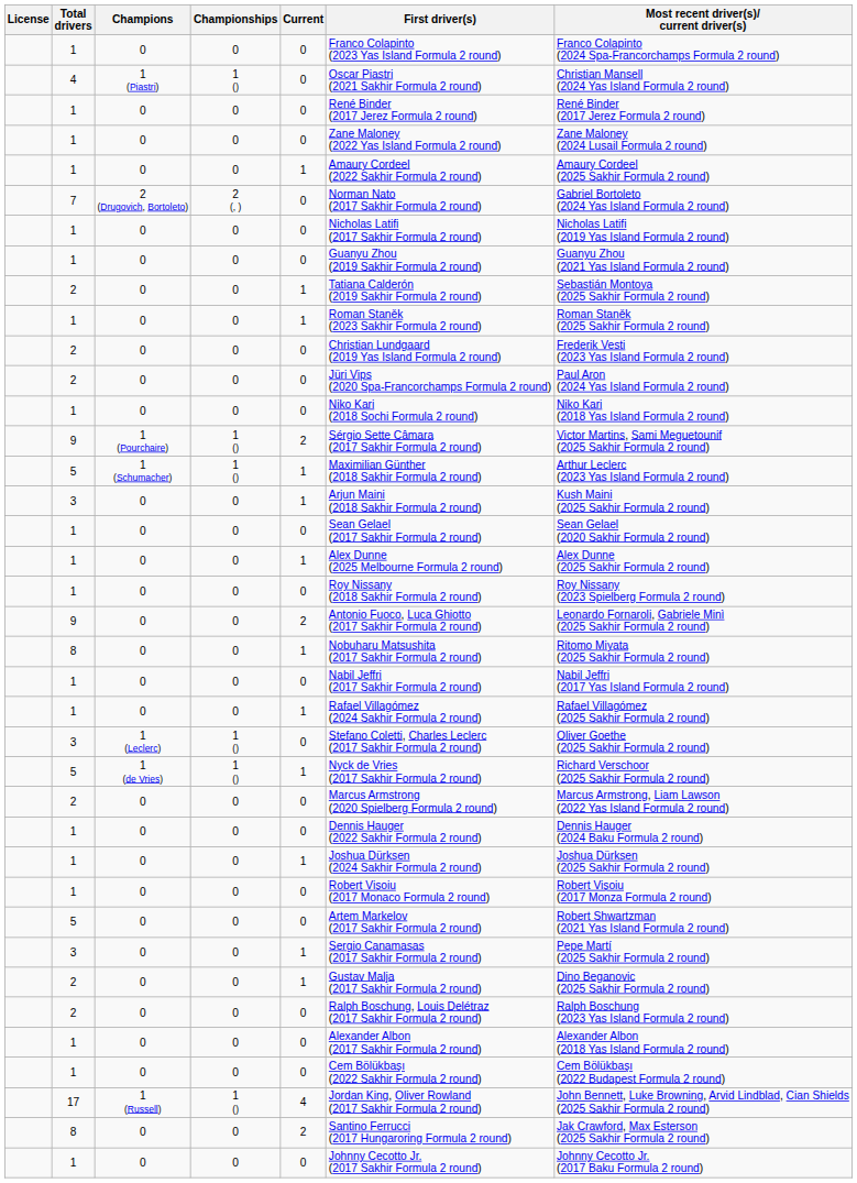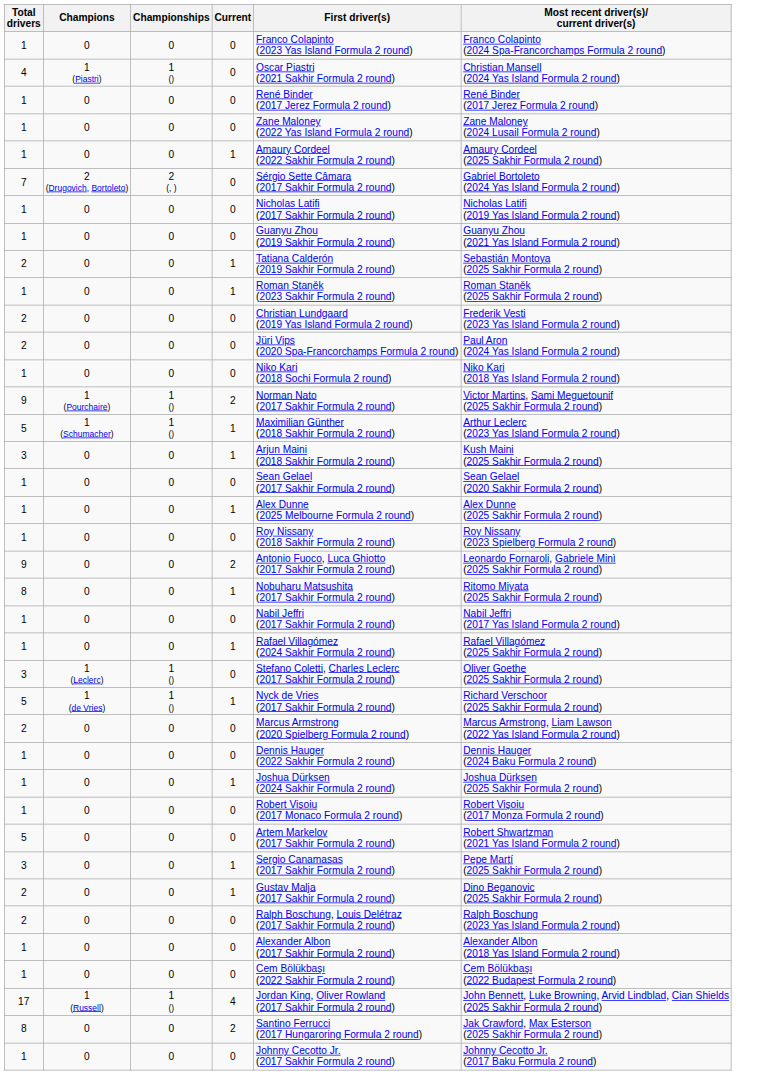 <table class="wikitable sortable" style="font-size: 85%; text-align:center">
 <tr>
-<th>License</th>
 <th>Total<br>drivers</th>
 <th>Champions</th>
 <th>Championships</th>
 <th>Current</th>
 <th>First driver(s)</th>
 <th>Most recent driver(s)/<br>current driver(s)</th>
 </tr>
 <tr>
-<td align="left"></td>
 <td>1</td>
 <td>0</td>
 <td>0</td>
 <td>0</td>
 <td align="left" data-sort-value="2023-2"><a href='#'>Franco Colapinto</a><br>(<a href='#'>2023 Yas Island Formula 2 round</a>)</td>
 <td align="left" data-sort-value="2024-10"><a href='#'>Franco Colapinto</a><br>(<a href='#'>2024 Spa-Francorchamps Formula 2 round</a>)</td>
 </tr>
 <tr>
-<td align="left"></td>
 <td>4</td>
 <td>1<br><small>(<a href='#'>Piastri</a>)</small></td>
 <td>1<br><small>()</small></td>
 <td>0</td>
 <td align="left" data-sort-value="2021-1"><a href='#'>Oscar Piastri</a><br>(<a href='#'>2021 Sakhir Formula 2 round</a>)</td>
 <td align="left" data-sort-value="2024-14"><a href='#'>Christian Mansell</a><br>(<a href='#'>2024 Yas Island Formula 2 round</a>)</td>
 </tr>
 <tr>
-<td align="left"></td>
 <td>1</td>
 <td>0</td>
 <td>0</td>
 <td>0</td>
 <td align="left" data-sort-value="2017-4"><a href='#'>René Binder</a><br>(<a href='#'>2017 Jerez Formula 2 round</a>)</td>
 <td align="left" data-sort-value="2017-3"><a href='#'>René Binder</a><br>(<a href='#'>2017 Jerez Formula 2 round</a>)</td>
 </tr>
 <tr>
-<td align="left"></td>
 <td>1</td>
 <td>0</td>
 <td>0</td>
 <td>0</td>
 <td align="left" data-sort-value="2022-2"><a href='#'>Zane Maloney</a><br>(<a href='#'>2022 Yas Island Formula 2 round</a>)</td>
 <td align="left" data-sort-value="2024-13"><a href='#'>Zane Maloney</a><br>(<a href='#'>2024 Lusail Formula 2 round</a>)</td>
 </tr>
 <tr>
-<td align="left"></td>
 <td>1</td>
 <td>0</td>
 <td>0</td>
 <td>1</td>
 <td align="left" data-sort-value="2022-1"><a href='#'>Amaury Cordeel</a><br>(<a href='#'>2022 Sakhir Formula 2 round</a>)</td>
 <td align="left" data-sort-value="2025-1"><a href='#'>Amaury Cordeel</a><br>(<a href='#'>2025 Sakhir Formula 2 round</a>)</td>
 </tr>
 <tr>
-<td align="left"></td>
 <td>7</td>
 <td>2<br><small>(<a href='#'>Drugovich</a>, <a href='#'>Bortoleto</a>)</small></td>
 <td>2<br><small>(, )</small></td>
 <td>0</td>
-<td align="left" data-sort-value="2017-1"><a href='#'>Norman Nato</a><br>(<a href='#'>2017 Sakhir Formula 2 round</a>)</td>
+<td align="left" data-sort-value="2017-1"><a href='#'>Sérgio Sette Câmara</a><br>(<a href='#'>2017 Sakhir Formula 2 round</a>)</td>
 <td align="left" data-sort-value="2024-14"><a href='#'>Gabriel Bortoleto</a><br>(<a href='#'>2024 Yas Island Formula 2 round</a>)</td>
 </tr>
 <tr>
-<td align="left"></td>
 <td>1</td>
 <td>0</td>
 <td>0</td>
 <td>0</td>
 <td align="left" data-sort-value="2017-1"><a href='#'>Nicholas Latifi</a><br>(<a href='#'>2017 Sakhir Formula 2 round</a>)</td>
 <td align="left" data-sort-value="2019-3"><a href='#'>Nicholas Latifi</a><br>(<a href='#'>2019 Yas Island Formula 2 round</a>)</td>
 </tr>
 <tr>
-<td align="left"></td>
 <td>1</td>
 <td>0</td>
 <td>0</td>
 <td>0</td>
 <td align="left" data-sort-value="2019-1"><a href='#'>Guanyu Zhou</a><br>(<a href='#'>2019 Sakhir Formula 2 round</a>)</td>
 <td align="left" data-sort-value="2021-2"><a href='#'>Guanyu Zhou</a><br>(<a href='#'>2021 Yas Island Formula 2 round</a>)</td>
 </tr>
 <tr>
-<td align="left"></td>
 <td>2</td>
 <td>0</td>
 <td>0</td>
 <td>1</td>
 <td align="left" data-sort-value="2019-1"><a href='#'>Tatiana Calderón</a><br>(<a href='#'>2019 Sakhir Formula 2 round</a>)</td>
 <td align="left" data-sort-value="2025-1"><a href='#'>Sebastián Montoya</a><br>(<a href='#'>2025 Sakhir Formula 2 round</a>)</td>
 </tr>
 <tr>
-<td align="left"></td>
 <td>1</td>
 <td>0</td>
 <td>0</td>
 <td>1</td>
 <td align="left" data-sort-value="2023-1"><a href='#'>Roman Staněk</a><br>(<a href='#'>2023 Sakhir Formula 2 round</a>)</td>
 <td align="left" data-sort-value="2025-1"><a href='#'>Roman Staněk</a><br>(<a href='#'>2025 Sakhir Formula 2 round</a>)</td>
 </tr>
 <tr>
-<td align="left"></td>
 <td>2</td>
 <td>0</td>
 <td>0</td>
 <td>0</td>
 <td align="left" data-sort-value="2019-2"><a href='#'>Christian Lundgaard</a><br>(<a href='#'>2019 Yas Island Formula 2 round</a>)</td>
 <td align="left" data-sort-value="2023-2"><a href='#'>Frederik Vesti</a><br>(<a href='#'>2023 Yas Island Formula 2 round</a>)</td>
 </tr>
 <tr>
-<td align="left"></td>
 <td>2</td>
 <td>0</td>
 <td>0</td>
 <td>0</td>
 <td align="left" data-sort-value="2020-2"><a href='#'>Jüri Vips</a><br>(<a href='#'>2020 Spa-Francorchamps Formula 2 round</a>)</td>
 <td align="left" data-sort-value="2024-14"><a href='#'>Paul Aron</a><br>(<a href='#'>2024 Yas Island Formula 2 round</a>)</td>
 </tr>
 <tr>
-<td align="left"></td>
 <td>1</td>
 <td>0</td>
 <td>0</td>
 <td>0</td>
 <td align="left" data-sort-value="2018-2"><a href='#'>Niko Kari</a><br>(<a href='#'>2018 Sochi Formula 2 round</a>)</td>
 <td align="left" data-sort-value="2018-2"><a href='#'>Niko Kari</a><br>(<a href='#'>2018 Yas Island Formula 2 round</a>)</td>
 </tr>
 <tr>
-<td align="left"></td>
 <td>9</td>
 <td>1<br><small>(<a href='#'>Pourchaire</a>)</small></td>
 <td>1<br><small>()</small></td>
 <td>2</td>
-<td align="left" data-sort-value="2017-1"><a href='#'>Sérgio Sette Câmara</a><br>(<a href='#'>2017 Sakhir Formula 2 round</a>)</td>
+<td align="left" data-sort-value="2017-1"><a href='#'>Norman Nato</a><br>(<a href='#'>2017 Sakhir Formula 2 round</a>)</td>
 <td align="left" data-sort-value="2025-1"><a href='#'>Victor Martins</a>, <a href='#'>Sami Meguetounif</a><br>(<a href='#'>2025 Sakhir Formula 2 round</a>)</td>
 </tr>
 <tr>
-<td align="left"></td>
 <td>5</td>
 <td>1<br><small>(<a href='#'>Schumacher</a>)</small></td>
 <td>1<br><small>()</small></td>
 <td>1</td>
 <td align="left" data-sort-value="2018-1"><a href='#'>Maximilian Günther</a><br>(<a href='#'>2018 Sakhir Formula 2 round</a>)</td>
 <td align="left" data-sort-value="2023-2"><a href='#'>Arthur Leclerc</a><br>(<a href='#'>2023 Yas Island Formula 2 round</a>)</td>
 </tr>
 <tr>
-<td align="left"></td>
 <td>3</td>
 <td>0</td>
 <td>0</td>
 <td>1</td>
 <td align="left" data-sort-value="2018-1"><a href='#'>Arjun Maini</a><br>(<a href='#'>2018 Sakhir Formula 2 round</a>)</td>
 <td align="left" data-sort-value="2025-1"><a href='#'>Kush Maini</a><br>(<a href='#'>2025 Sakhir Formula 2 round</a>)</td>
 </tr>
 <tr>
-<td align="left"></td>
 <td>1</td>
 <td>0</td>
 <td>0</td>
 <td>0</td>
 <td align="left" data-sort-value="2017-1"><a href='#'>Sean Gelael</a><br>(<a href='#'>2017 Sakhir Formula 2 round</a>)</td>
 <td align="left" data-sort-value="2020-1"><a href='#'>Sean Gelael</a><br>(<a href='#'>2020 Sakhir Formula 2 round</a>)</td>
 </tr>
 <tr>
-<td align="left"></td>
 <td>1</td>
 <td>0</td>
 <td>0</td>
 <td>1</td>
 <td align="left" data-sort-value="2025-1"><a href='#'>Alex Dunne</a><br>(<a href='#'>2025 Melbourne Formula 2 round</a>)</td>
 <td align="left" data-sort-value="2025-1"><a href='#'>Alex Dunne</a><br>(<a href='#'>2025 Sakhir Formula 2 round</a>)</td>
 </tr>
 <tr>
-<td align="left"></td>
 <td>1</td>
 <td>0</td>
 <td>0</td>
 <td>0</td>
 <td align="left" data-sort-value="2018-1"><a href='#'>Roy Nissany</a><br>(<a href='#'>2018 Sakhir Formula 2 round</a>)</td>
 <td align="left" data-sort-value="2023-1"><a href='#'>Roy Nissany</a><br>(<a href='#'>2023 Spielberg Formula 2 round</a>)</td>
 </tr>
 <tr>
-<td align="left"></td>
 <td>9</td>
 <td>0</td>
 <td>0</td>
 <td>2</td>
 <td align="left" data-sort-value="2017-1"><a href='#'>Antonio Fuoco</a>, <a href='#'>Luca Ghiotto</a><br>(<a href='#'>2017 Sakhir Formula 2 round</a>)</td>
 <td align="left" data-sort-value="2025-1"><a href='#'>Leonardo Fornaroli</a>, <a href='#'>Gabriele Minì</a><br>(<a href='#'>2025 Sakhir Formula 2 round</a>)</td>
 </tr>
 <tr>
-<td align="left"></td>
 <td>8</td>
 <td>0</td>
 <td>0</td>
 <td>1</td>
 <td align="left" data-sort-value="2017-1"><a href='#'>Nobuharu Matsushita</a><br>(<a href='#'>2017 Sakhir Formula 2 round</a>)</td>
 <td align="left" data-sort-value="2025-1"><a href='#'>Ritomo Miyata</a><br>(<a href='#'>2025 Sakhir Formula 2 round</a>)</td>
 </tr>
 <tr>
-<td align="left"></td>
 <td>1</td>
 <td>0</td>
 <td>0</td>
 <td>0</td>
 <td align="left" data-sort-value="2017-1"><a href='#'>Nabil Jeffri</a><br>(<a href='#'>2017 Sakhir Formula 2 round</a>)</td>
 <td align="left" data-sort-value="2017-4"><a href='#'>Nabil Jeffri</a><br>(<a href='#'>2017 Yas Island Formula 2 round</a>)</td>
 </tr>
 <tr>
-<td align="left"></td>
 <td>1</td>
 <td>0</td>
 <td>0</td>
 <td>1</td>
 <td align="left" data-sort-value="2024-1"><a href='#'>Rafael Villagómez</a><br>(<a href='#'>2024 Sakhir Formula 2 round</a>)</td>
 <td align="left" data-sort-value="2025-1"><a href='#'>Rafael Villagómez</a><br>(<a href='#'>2025 Sakhir Formula 2 round</a>)</td>
 </tr>
 <tr>
-<td align="left"></td>
 <td>3</td>
 <td>1<br><small>(<a href='#'>Leclerc</a>)</small></td>
 <td>1<br><small>()</small></td>
 <td>0</td>
 <td align="left" data-sort-value="2017-1"><a href='#'>Stefano Coletti</a>, <a href='#'>Charles Leclerc</a><br>(<a href='#'>2017 Sakhir Formula 2 round</a>)</td>
 <td align="left" data-sort-value="2025-1"><a href='#'>Oliver Goethe</a><br>(<a href='#'>2025 Sakhir Formula 2 round</a>)</td>
 </tr>
 <tr>
-<td align="left"></td>
 <td>5</td>
 <td>1<br><small>(<a href='#'>de Vries</a>)</small></td>
 <td>1<br><small>()</small></td>
 <td>1</td>
 <td align="left" data-sort-value="2017-1"><a href='#'>Nyck de Vries</a><br>(<a href='#'>2017 Sakhir Formula 2 round</a>)</td>
 <td align="left" data-sort-value="2025-1"><a href='#'>Richard Verschoor</a><br>(<a href='#'>2025 Sakhir Formula 2 round</a>)</td>
 </tr>
 <tr>
-<td align="left"></td>
 <td>2</td>
 <td>0</td>
 <td>0</td>
 <td>0</td>
 <td align="left" data-sort-value="2020-1"><a href='#'>Marcus Armstrong</a><br>(<a href='#'>2020 Spielberg Formula 2 round</a>)</td>
 <td align="left" data-sort-value="2022-2"><a href='#'>Marcus Armstrong</a>, <a href='#'>Liam Lawson</a><br>(<a href='#'>2022 Yas Island Formula 2 round</a>)</td>
 </tr>
 <tr>
-<td align="left"></td>
 <td>1</td>
 <td>0</td>
 <td>0</td>
 <td>0</td>
 <td align="left" data-sort-value="2022-1"><a href='#'>Dennis Hauger</a><br>(<a href='#'>2022 Sakhir Formula 2 round</a>)</td>
 <td align="left" data-sort-value="2024-12"><a href='#'>Dennis Hauger</a><br>(<a href='#'>2024 Baku Formula 2 round</a>)</td>
 </tr>
 <tr>
-<td align="left"></td>
 <td>1</td>
 <td>0</td>
 <td>0</td>
 <td>1</td>
 <td align="left" data-sort-value="2024-1"><a href='#'>Joshua Dürksen</a><br>(<a href='#'>2024 Sakhir Formula 2 round</a>)</td>
 <td align="left" data-sort-value="2025-1"><a href='#'>Joshua Dürksen</a><br>(<a href='#'>2025 Sakhir Formula 2 round</a>)</td>
 </tr>
 <tr>
-<td align="left"></td>
 <td>1</td>
 <td>0</td>
 <td>0</td>
 <td>0</td>
 <td align="left" data-sort-value="2017-2"><a href='#'>Robert Vișoiu</a><br>(<a href='#'>2017 Monaco Formula 2 round</a>)</td>
 <td align="left" data-sort-value="2017-2"><a href='#'>Robert Vișoiu</a><br>(<a href='#'>2017 Monza Formula 2 round</a>)</td>
 </tr>
 <tr>
-<td align="left"></td>
 <td>5</td>
 <td>0</td>
 <td>0</td>
 <td>0</td>
 <td align="left" data-sort-value="2017-1"><a href='#'>Artem Markelov</a><br>(<a href='#'>2017 Sakhir Formula 2 round</a>)</td>
 <td align="left" data-sort-value="2021-2"><a href='#'>Robert Shwartzman</a><br>(<a href='#'>2021 Yas Island Formula 2 round</a>)</td>
 </tr>
 <tr>
-<td align="left"></td>
 <td>3</td>
 <td>0</td>
 <td>0</td>
 <td>1</td>
 <td align="left" data-sort-value="2017-1"><a href='#'>Sergio Canamasas</a><br>(<a href='#'>2017 Sakhir Formula 2 round</a>)</td>
 <td align="left" data-sort-value="2025-1"><a href='#'>Pepe Martí</a><br>(<a href='#'>2025 Sakhir Formula 2 round</a>)</td>
 </tr>
 <tr>
-<td align="left"></td>
 <td>2</td>
 <td>0</td>
 <td>0</td>
 <td>1</td>
 <td align="left" data-sort-value="2017-1"><a href='#'>Gustav Malja</a><br>(<a href='#'>2017 Sakhir Formula 2 round</a>)</td>
 <td align="left" data-sort-value="2025-1"><a href='#'>Dino Beganovic</a><br>(<a href='#'>2025 Sakhir Formula 2 round</a>)</td>
 </tr>
 <tr>
-<td align="left"></td>
 <td>2</td>
 <td>0</td>
 <td>0</td>
 <td>0</td>
 <td align="left" data-sort-value="2017-1"><a href='#'>Ralph Boschung</a>, <a href='#'>Louis Delétraz</a><br>(<a href='#'>2017 Sakhir Formula 2 round</a>)</td>
 <td align="left" data-sort-value="2023-2"><a href='#'>Ralph Boschung</a><br>(<a href='#'>2023 Yas Island Formula 2 round</a>)</td>
 </tr>
 <tr>
-<td align="left"></td>
 <td>1</td>
 <td>0</td>
 <td>0</td>
 <td>0</td>
 <td align="left" data-sort-value="2017-1"><a href='#'>Alexander Albon</a><br>(<a href='#'>2017 Sakhir Formula 2 round</a>)</td>
 <td align="left" data-sort-value="2018-2"><a href='#'>Alexander Albon</a><br>(<a href='#'>2018 Yas Island Formula 2 round</a>)</td>
 </tr>
 <tr>
-<td align="left"></td>
 <td>1</td>
 <td>0</td>
 <td>0</td>
 <td>0</td>
 <td align="left" data-sort-value="2022-1"><a href='#'>Cem Bölükbaşı</a><br>(<a href='#'>2022 Sakhir Formula 2 round</a>)</td>
 <td align="left" data-sort-value="2022-1"><a href='#'>Cem Bölükbaşı</a><br>(<a href='#'>2022 Budapest Formula 2 round</a>)</td>
 </tr>
 <tr>
-<td align="left"></td>
 <td>17</td>
 <td>1<br><small>(<a href='#'>Russell</a>)</small></td>
 <td>1<br><small>()</small></td>
 <td>4</td>
 <td align="left" data-sort-value="2017-1"><a href='#'>Jordan King</a>, <a href='#'>Oliver Rowland</a><br>(<a href='#'>2017 Sakhir Formula 2 round</a>)</td>
 <td align="left" data-sort-value="2025-1"><a href='#'>John Bennett</a>, <a href='#'>Luke Browning</a>, <a href='#'>Arvid Lindblad</a>, <a href='#'>Cian Shields</a><br>(<a href='#'>2025 Sakhir Formula 2 round</a>)</td>
 </tr>
 <tr>
-<td align="left"></td>
 <td>8</td>
 <td>0</td>
 <td>0</td>
 <td>2</td>
 <td align="left" data-sort-value="2017-3"><a href='#'>Santino Ferrucci</a><br>(<a href='#'>2017 Hungaroring Formula 2 round</a>)</td>
 <td align="left" data-sort-value="2025-1"><a href='#'>Jak Crawford</a>, <a href='#'>Max Esterson</a><br>(<a href='#'>2025 Sakhir Formula 2 round</a>)</td>
 </tr>
 <tr>
-<td align="left"></td>
 <td>1</td>
 <td>0</td>
 <td>0</td>
 <td>0</td>
 <td align="left" data-sort-value="2017-1"><a href='#'>Johnny Cecotto Jr.</a><br>(<a href='#'>2017 Sakhir Formula 2 round</a>)</td>
 <td align="left" data-sort-value="2017-1"><a href='#'>Johnny Cecotto Jr.</a><br>(<a href='#'>2017 Baku Formula 2 round</a>)</td>
 </tr>
 </table>
